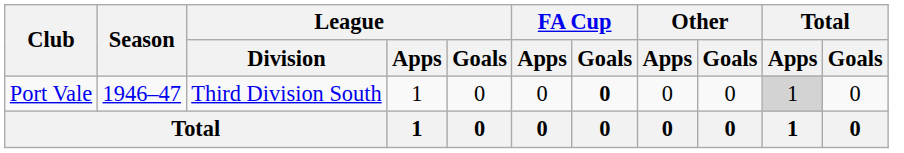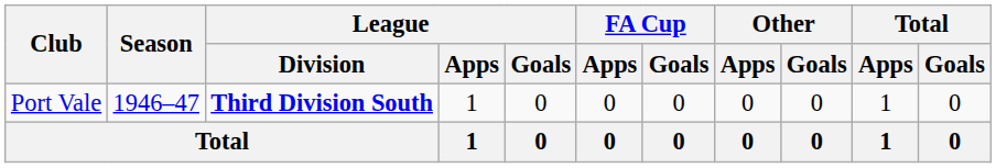 <table class="wikitable" style="text-align:center">
 <tr>
 <th rowspan="2">Club</th>
 <th rowspan="2">Season</th>
 <th colspan="3">League</th>
 <th colspan="2"><a href='#'>FA Cup</a></th>
 <th colspan="2">Other</th>
 <th colspan="2">Total</th>
 </tr>
 <tr>
 <th>Division</th>
 <th>Apps</th>
 <th>Goals</th>
 <th>Apps</th>
 <th>Goals</th>
 <th>Apps</th>
 <th>Goals</th>
 <th>Apps</th>
 <th>Goals</th>
 </tr>
 <tr>
 <td><a href='#'>Port Vale</a></td>
 <td><a href='#'>1946–47</a></td>
-<td><a href='#'>Third Division South</a></td>
+<td><strong><a href='#'>Third Division South</a></strong></td>
 <td>1</td>
 <td>0</td>
 <td>0</td>
-<td><strong>0</strong></td>
 <td>0</td>
 <td>0</td>
-<td style="background: lightgrey;">1</td>
+<td>0</td>
+<td>1</td>
 <td>0</td>
 </tr>
 <tr>
 <th colspan="3">Total</th>
 <th>1</th>
 <th>0</th>
 <th>0</th>
 <th>0</th>
 <th>0</th>
 <th>0</th>
 <th>1</th>
 <th>0</th>
 </tr>
 </table>
